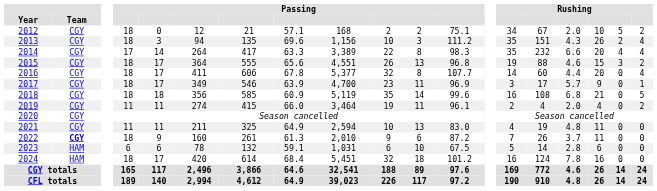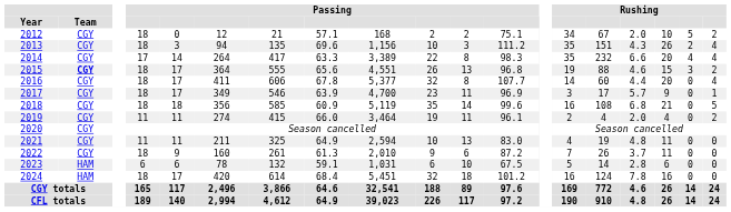 <table BORDER="0" CELLPADDING="1" CELLSPACING="0" width="65%" style="text-align:center">
 <tr bgcolor="#e0e0e0">
 <th colspan="2"></th>
 <th rowspan="100" bgcolor="#ffffff"> </th>
 <th colspan="9">Passing</th>
 <th rowspan="100" bgcolor="#ffffff"> </th>
 <th colspan="6">Rushing</th>
 </tr>
 <tr bgcolor="#e0e0e0">
 <th>Year</th>
 <th>Team</th>
 <th></th>
 <th></th>
 <th></th>
 <th></th>
 <th></th>
 <th></th>
 <th></th>
 <th></th>
 <th></th>
 <th></th>
 <th></th>
 <th></th>
 <th></th>
 <th></th>
 <th></th>
 </tr>
 <tr ALIGN="center">
 <td><a href='#'>2012</a></td>
 <td><a href='#'>CGY</a></td>
 <td>18</td>
 <td>0</td>
 <td>12</td>
 <td>21</td>
 <td>57.1</td>
 <td>168</td>
 <td>2</td>
 <td>2</td>
 <td>75.1</td>
 <td>34</td>
 <td>67</td>
 <td>2.0</td>
 <td>10</td>
 <td>5</td>
 <td>2</td>
 </tr>
 <tr ALIGN="center" bgcolor="#f0f0f0">
 <td><a href='#'>2013</a></td>
 <td><a href='#'>CGY</a></td>
 <td>18</td>
 <td>3</td>
 <td>94</td>
 <td>135</td>
 <td>69.6</td>
 <td>1,156</td>
 <td>10</td>
 <td>3</td>
 <td>111.2</td>
 <td>35</td>
 <td>151</td>
 <td>4.3</td>
 <td>26</td>
 <td>2</td>
 <td>4</td>
 </tr>
 <tr ALIGN="center">
 <td><a href='#'>2014</a></td>
 <td><a href='#'>CGY</a></td>
 <td>17</td>
 <td>14</td>
 <td>264</td>
 <td>417</td>
 <td>63.3</td>
 <td>3,389</td>
 <td>22</td>
 <td>8</td>
 <td>98.3</td>
 <td>35</td>
 <td>232</td>
 <td>6.6</td>
 <td>20</td>
 <td>4</td>
 <td>4</td>
 </tr>
 <tr ALIGN="center" bgcolor="#f0f0f0">
 <td><a href='#'>2015</a></td>
-<td><a href='#'>CGY</a></td>
+<td><strong><a href='#'>CGY</a></strong></td>
 <td>18</td>
 <td>17</td>
 <td>364</td>
 <td>555</td>
 <td>65.6</td>
 <td>4,551</td>
 <td>26</td>
 <td>13</td>
 <td>96.8</td>
 <td>19</td>
 <td>88</td>
 <td>4.6</td>
 <td>15</td>
 <td>3</td>
 <td>2</td>
 </tr>
 <tr>
 <td><a href='#'>2016</a></td>
 <td><a href='#'>CGY</a></td>
 <td>18</td>
 <td>17</td>
 <td>411</td>
 <td>606</td>
 <td>67.8</td>
 <td>5,377</td>
 <td>32</td>
 <td>8</td>
 <td>107.7</td>
 <td>14</td>
 <td>60</td>
 <td>4.4</td>
 <td>20</td>
 <td>0</td>
 <td>4</td>
 </tr>
 <tr ALIGN="center" bgcolor="#f0f0f0">
 <td><a href='#'>2017</a></td>
 <td><a href='#'>CGY</a></td>
 <td>18</td>
 <td>17</td>
 <td>349</td>
 <td>546</td>
 <td>63.9</td>
 <td>4,700</td>
 <td>23</td>
 <td>11</td>
 <td>96.9</td>
 <td>3</td>
 <td>17</td>
 <td>5.7</td>
 <td>9</td>
 <td>0</td>
 <td>1</td>
 </tr>
 <tr ALIGN="center">
 <td><a href='#'>2018</a></td>
 <td><a href='#'>CGY</a></td>
 <td>18</td>
 <td>18</td>
 <td>356</td>
 <td>585</td>
 <td>60.9</td>
 <td>5,119</td>
 <td>35</td>
 <td>14</td>
 <td>99.6</td>
 <td>16</td>
 <td>108</td>
 <td>6.8</td>
 <td>21</td>
 <td>0</td>
 <td>5</td>
 </tr>
 <tr ALIGN="center" bgcolor="#f0f0f0">
 <td><a href='#'>2019</a></td>
 <td><a href='#'>CGY</a></td>
 <td>11</td>
 <td>11</td>
 <td>274</td>
 <td>415</td>
 <td>66.0</td>
 <td>3,464</td>
 <td>19</td>
 <td>11</td>
 <td>96.1</td>
 <td>2</td>
 <td>4</td>
 <td>2.0</td>
 <td>4</td>
 <td>0</td>
 <td>2</td>
 </tr>
 <tr ALIGN="center">
 <td><a href='#'>2020</a></td>
 <td><a href='#'>CGY</a></td>
 <td colspan="9"><em>Season cancelled</em></td>
 <td colspan="6"><em>Season cancelled</em></td>
 </tr>
 <tr ALIGN="center" bgcolor="#f0f0f0">
 <td><a href='#'>2021</a></td>
 <td><a href='#'>CGY</a></td>
 <td>11</td>
 <td>11</td>
 <td>211</td>
 <td>325</td>
 <td>64.9</td>
 <td>2,594</td>
 <td>10</td>
 <td>13</td>
 <td>83.0</td>
 <td>4</td>
 <td>19</td>
 <td>4.8</td>
 <td>11</td>
 <td>0</td>
 <td>0</td>
 </tr>
 <tr ALIGN="center">
 <td><a href='#'>2022</a></td>
-<td><strong><a href='#'>CGY</a></strong></td>
+<td><a href='#'>CGY</a></td>
 <td>18</td>
 <td>9</td>
 <td>160</td>
 <td>261</td>
 <td>61.3</td>
 <td>2,010</td>
 <td>9</td>
 <td>6</td>
 <td>87.2</td>
 <td>7</td>
 <td>26</td>
 <td>3.7</td>
 <td>11</td>
 <td>0</td>
 <td>0</td>
 </tr>
 <tr ALIGN="center" bgcolor="#f0f0f0">
 <td><a href='#'>2023</a></td>
 <td><a href='#'>HAM</a></td>
 <td>6</td>
 <td>6</td>
 <td>78</td>
 <td>132</td>
 <td>59.1</td>
 <td>1,031</td>
 <td>6</td>
 <td>10</td>
 <td>67.5</td>
 <td>5</td>
 <td>14</td>
 <td>2.8</td>
 <td>6</td>
 <td>0</td>
 <td>0</td>
 </tr>
 <tr ALIGN="center">
 <td><a href='#'>2024</a></td>
 <td><a href='#'>HAM</a></td>
 <td>18</td>
 <td>17</td>
 <td>420</td>
 <td>614</td>
 <td>68.4</td>
 <td>5,451</td>
 <td>32</td>
 <td>18</td>
 <td>101.2</td>
 <td>16</td>
 <td>124</td>
 <td>7.8</td>
 <td>16</td>
 <td>0</td>
 <td>0</td>
 </tr>
 <tr bgcolor="#e0e0e0">
 <th colspan="2"><a href='#'>CGY</a> totals</th>
 <th>165</th>
 <th>117</th>
 <th>2,496</th>
 <th>3,866</th>
 <th>64.6</th>
 <th>32,541</th>
 <th>188</th>
 <th>89</th>
 <th>97.6</th>
 <th>169</th>
 <th>772</th>
 <th>4.6</th>
 <th>26</th>
 <th>14</th>
 <th>24</th>
 </tr>
 <tr bgcolor="#e0e0e0">
 <th colspan="2"><a href='#'>CFL</a> totals</th>
 <th>189</th>
 <th>140</th>
 <th>2,994</th>
 <th>4,612</th>
 <th>64.9</th>
 <th>39,023</th>
 <th>226</th>
 <th>117</th>
 <th>97.2</th>
 <th>190</th>
 <th>910</th>
 <th>4.8</th>
 <th>26</th>
 <th>14</th>
 <th>24</th>
 </tr>
 </table>
